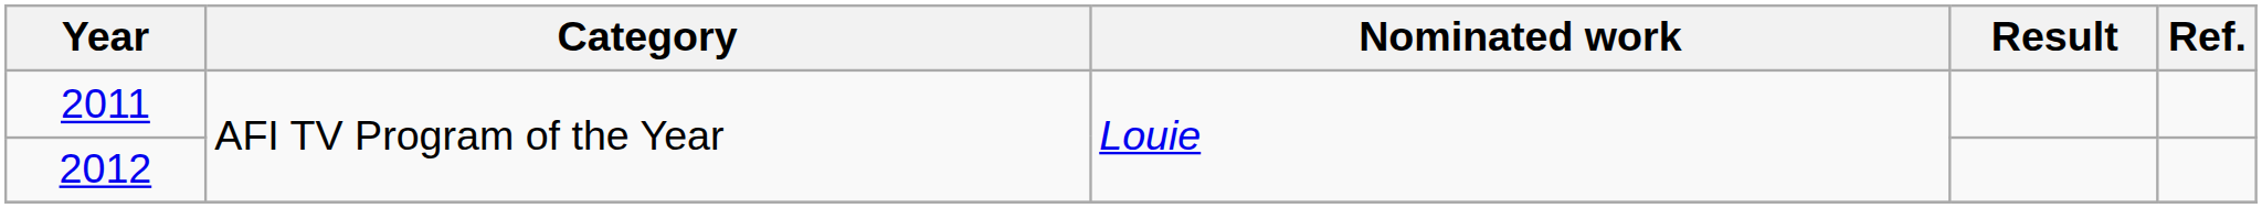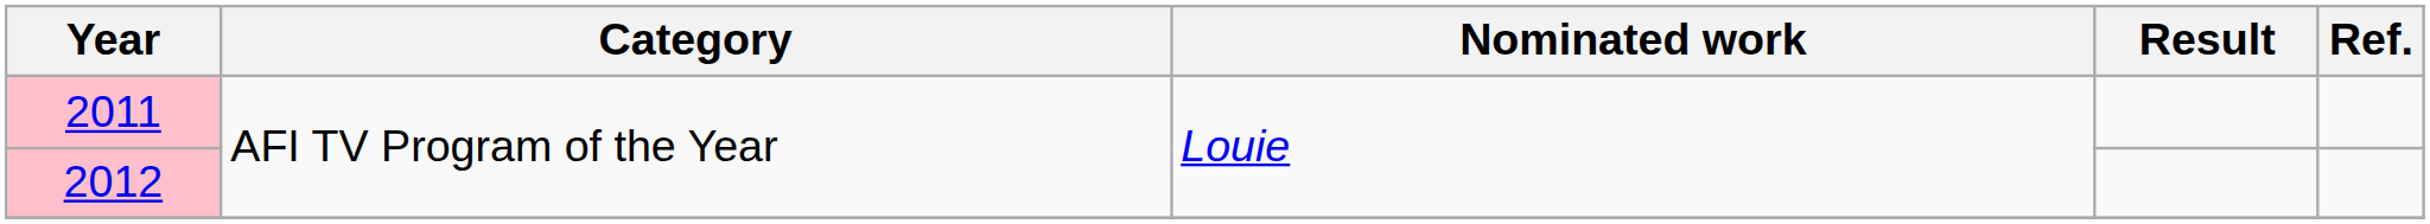 <table class=wikitable>
 <tr>
 <th scope="col" style="width:5em;">Year</th>
 <th scope="col" style="width:26em;">Category</th>
 <th scope="col" style="width:25em;">Nominated work</th>
 <th scope="col" style="width:5em;">Result</th>
 <th>Ref.</th>
 </tr>
 <tr>
-<td style="text-align:center;"><a href='#'>2011</a></td>
+<td style="background: pink; text-align:center;"><a href='#'>2011</a></td>
 <td rowspan=2>AFI TV Program of the Year</td>
 <td rowspan=2><em><a href='#'>Louie</a></em></td>
 <td></td>
 <td style="text-align: center;"></td>
 </tr>
 <tr>
-<td style="text-align:center;"><a href='#'>2012</a></td>
+<td style="background: pink; text-align:center;"><a href='#'>2012</a></td>
 <td></td>
 <td style="text-align: center;"></td>
 </tr>
 <tr>
 </tr>
 </table>
